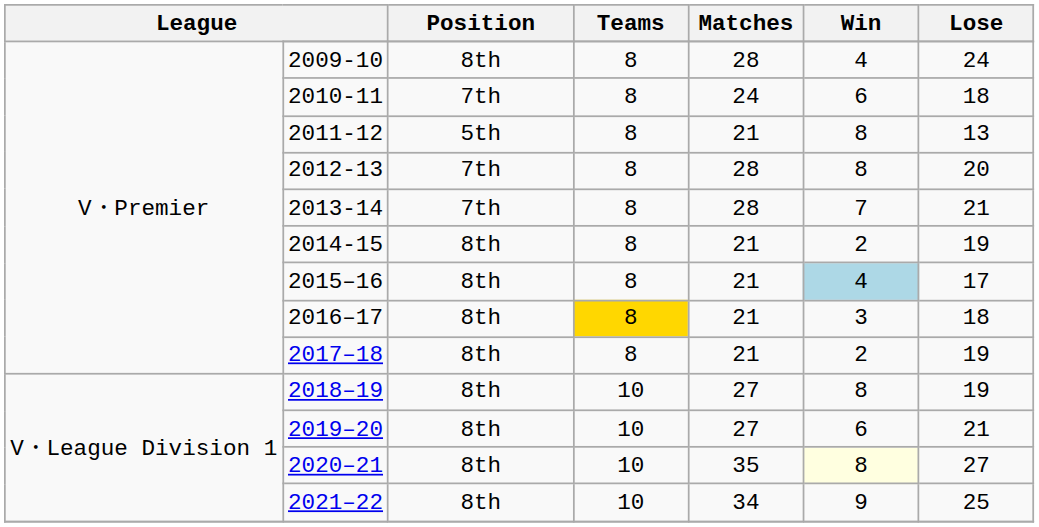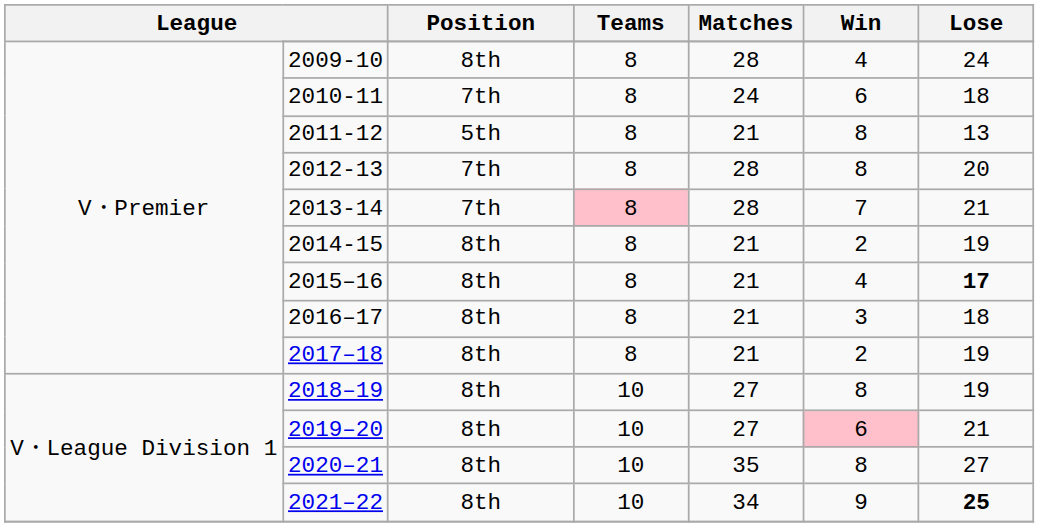 <table class="wikitable" border="1">
 <tr>
 <th width=200 colspan=2>League</th>
 <th width=100>Position</th>
 <th width=60 align=center>Teams</th>
 <th width=60>Matches</th>
 <th width=60>Win</th>
 <th width=60>Lose</th>
 </tr>
 <tr>
 <td align=center rowspan=10>V・Premier</td>
 </tr>
 <tr>
 <td>2009-10</td>
 <td align=center>8th</td>
 <td align=center>8</td>
 <td align=center>28</td>
 <td align=center>4</td>
 <td align=center>24</td>
 </tr>
 <tr>
 <td>2010-11</td>
 <td align=center>7th</td>
 <td align=center>8</td>
 <td align=center>24</td>
 <td align=center>6</td>
 <td align=center>18</td>
 </tr>
 <tr>
 <td>2011-12</td>
 <td align=center>5th</td>
 <td align=center>8</td>
 <td align=center>21</td>
 <td align=center>8</td>
 <td align=center>13</td>
 </tr>
 <tr>
 <td>2012-13</td>
 <td align=center>7th</td>
 <td align=center>8</td>
 <td align=center>28</td>
 <td align=center>8</td>
 <td align=center>20</td>
 </tr>
 <tr>
 <td>2013-14</td>
 <td align=center>7th</td>
-<td align=center>8</td>
+<td align=center style="background: pink;">8</td>
 <td align=center>28</td>
 <td align=center>7</td>
 <td align=center>21</td>
 </tr>
 <tr>
 <td>2014-15</td>
 <td align=center>8th</td>
 <td align=center>8</td>
 <td align=center>21</td>
 <td align=center>2</td>
 <td align=center>19</td>
 </tr>
 <tr>
 <td>2015–16</td>
 <td align=center>8th</td>
 <td align=center>8</td>
 <td align=center>21</td>
-<td align=center style="background: lightblue;">4</td>
-<td align=center>17</td>
+<td align=center>4</td>
+<td align=center><strong>17</strong></td>
 </tr>
 <tr>
 <td>2016–17</td>
 <td align=center>8th</td>
-<td align=center style="background: gold;">8</td>
+<td align=center>8</td>
 <td align=center>21</td>
 <td align=center>3</td>
 <td align=center>18</td>
 </tr>
 <tr>
 <td><a href='#'>2017–18</a></td>
 <td align=center>8th</td>
 <td align=center>8</td>
 <td align=center>21</td>
 <td align=center>2</td>
 <td align=center>19</td>
 </tr>
 <tr>
 <td align=center rowspan=4>V・League Division 1</td>
 <td><a href='#'>2018–19</a></td>
 <td align=center>8th</td>
 <td align=center>10</td>
 <td align=center>27</td>
 <td align=center>8</td>
 <td align=center>19</td>
 </tr>
 <tr>
 <td><a href='#'>2019–20</a></td>
 <td align=center>8th</td>
 <td align=center>10</td>
 <td align=center>27</td>
-<td align=center>6</td>
+<td align=center style="background: pink;">6</td>
 <td align=center>21</td>
 </tr>
 <tr>
 <td><a href='#'>2020–21</a></td>
 <td align=center>8th</td>
 <td align=center>10</td>
 <td align=center>35</td>
-<td align=center style="background: lightyellow;">8</td>
+<td align=center>8</td>
 <td align=center>27</td>
 </tr>
 <tr>
 <td><a href='#'>2021–22</a></td>
 <td align=center>8th</td>
 <td align=center>10</td>
 <td align=center>34</td>
 <td align=center>9</td>
-<td align=center>25</td>
+<td align=center><strong>25</strong></td>
 </tr>
 <tr>
 </tr>
 </table>
